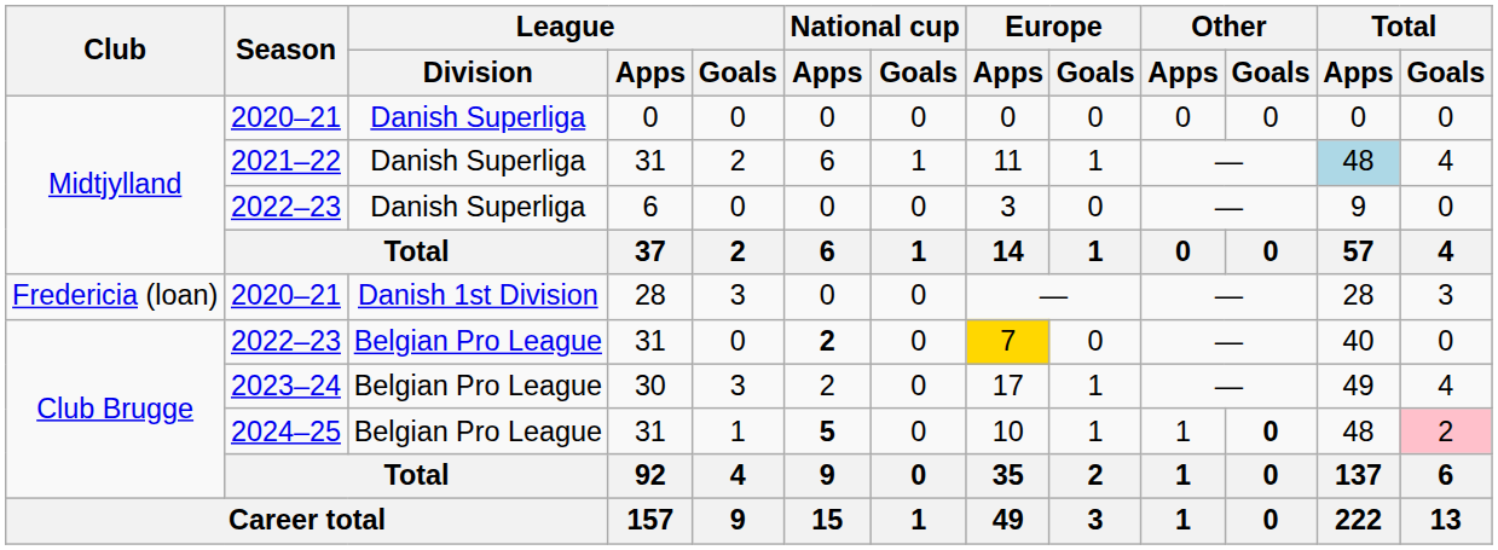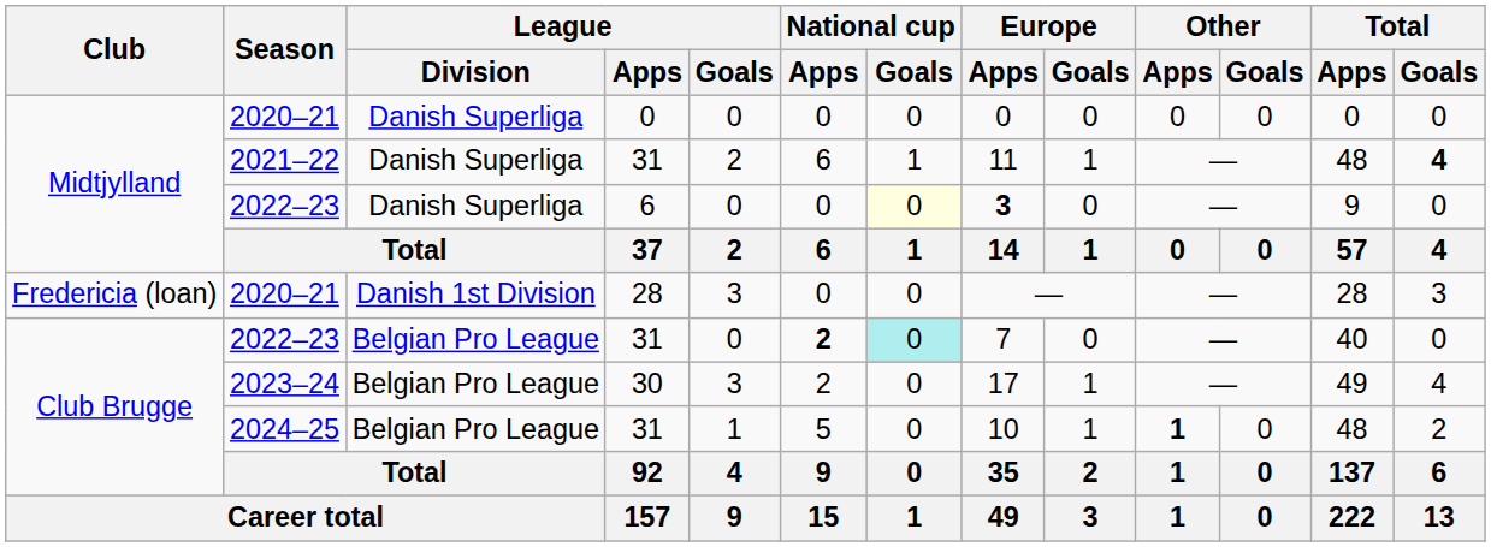 <table class="wikitable" style="text-align:center">
 <tr>
 <th rowspan="2">Club</th>
 <th rowspan="2">Season</th>
 <th colspan="3">League</th>
 <th colspan="2">National cup</th>
 <th colspan="2">Europe</th>
 <th colspan="2">Other</th>
 <th colspan="2">Total</th>
 </tr>
 <tr>
 <th>Division</th>
 <th>Apps</th>
 <th>Goals</th>
 <th>Apps</th>
 <th>Goals</th>
 <th>Apps</th>
 <th>Goals</th>
 <th>Apps</th>
 <th>Goals</th>
 <th>Apps</th>
 <th>Goals</th>
 </tr>
 <tr>
 <td rowspan="4"><a href='#'>Midtjylland</a></td>
 <td><a href='#'>2020–21</a></td>
 <td><a href='#'>Danish Superliga</a></td>
 <td>0</td>
 <td>0</td>
 <td>0</td>
 <td>0</td>
 <td>0</td>
 <td>0</td>
 <td>0</td>
 <td>0</td>
 <td>0</td>
 <td>0</td>
 </tr>
 <tr>
 <td><a href='#'>2021–22</a></td>
 <td>Danish Superliga</td>
 <td>31</td>
 <td>2</td>
 <td>6</td>
 <td>1</td>
 <td>11</td>
 <td>1</td>
 <td colspan="2">—</td>
-<td style="background: lightblue;">48</td>
-<td>4</td>
+<td>48</td>
+<td><strong>4</strong></td>
 </tr>
 <tr>
 <td><a href='#'>2022–23</a></td>
 <td>Danish Superliga</td>
 <td>6</td>
 <td>0</td>
 <td>0</td>
-<td>0</td>
-<td>3</td>
+<td style="background: lightyellow;">0</td>
+<td><strong>3</strong></td>
 <td>0</td>
 <td colspan="2">—</td>
 <td>9</td>
 <td>0</td>
 </tr>
 <tr>
 <th colspan="2">Total</th>
 <th>37</th>
 <th>2</th>
 <th>6</th>
 <th>1</th>
 <th>14</th>
 <th>1</th>
 <th>0</th>
 <th>0</th>
 <th>57</th>
 <th>4</th>
 </tr>
 <tr>
 <td><a href='#'>Fredericia</a> (loan)</td>
 <td><a href='#'>2020–21</a></td>
 <td><a href='#'>Danish 1st Division</a></td>
 <td>28</td>
 <td>3</td>
 <td>0</td>
 <td>0</td>
 <td colspan="2">—</td>
 <td colspan="2">—</td>
 <td>28</td>
 <td>3</td>
 </tr>
 <tr>
 <td rowspan="4"><a href='#'>Club Brugge</a></td>
 <td><a href='#'>2022–23</a></td>
 <td><a href='#'>Belgian Pro League</a></td>
 <td>31</td>
 <td>0</td>
 <td><strong>2</strong></td>
-<td>0</td>
-<td style="background: gold;">7</td>
+<td style="background: paleturquoise;">0</td>
+<td>7</td>
 <td>0</td>
 <td colspan="2">—</td>
 <td>40</td>
 <td>0</td>
 </tr>
 <tr>
 <td><a href='#'>2023–24</a></td>
 <td>Belgian Pro League</td>
 <td>30</td>
 <td>3</td>
 <td>2</td>
 <td>0</td>
 <td>17</td>
 <td>1</td>
 <td colspan="2">—</td>
 <td>49</td>
 <td>4</td>
 </tr>
 <tr>
 <td><a href='#'>2024–25</a></td>
 <td>Belgian Pro League</td>
 <td>31</td>
 <td>1</td>
-<td><strong>5</strong></td>
+<td>5</td>
 <td>0</td>
 <td>10</td>
 <td>1</td>
-<td>1</td>
-<td><strong>0</strong></td>
+<td><strong>1</strong></td>
+<td>0</td>
 <td>48</td>
-<td style="background: pink;">2</td>
+<td>2</td>
 </tr>
 <tr>
 <th colspan="2">Total</th>
 <th>92</th>
 <th>4</th>
 <th>9</th>
 <th>0</th>
 <th>35</th>
 <th>2</th>
 <th>1</th>
 <th>0</th>
 <th>137</th>
 <th>6</th>
 </tr>
 <tr>
 <th colspan="3">Career total</th>
 <th>157</th>
 <th>9</th>
 <th>15</th>
 <th>1</th>
 <th>49</th>
 <th>3</th>
 <th>1</th>
 <th>0</th>
 <th>222</th>
 <th>13</th>
 </tr>
 </table>
